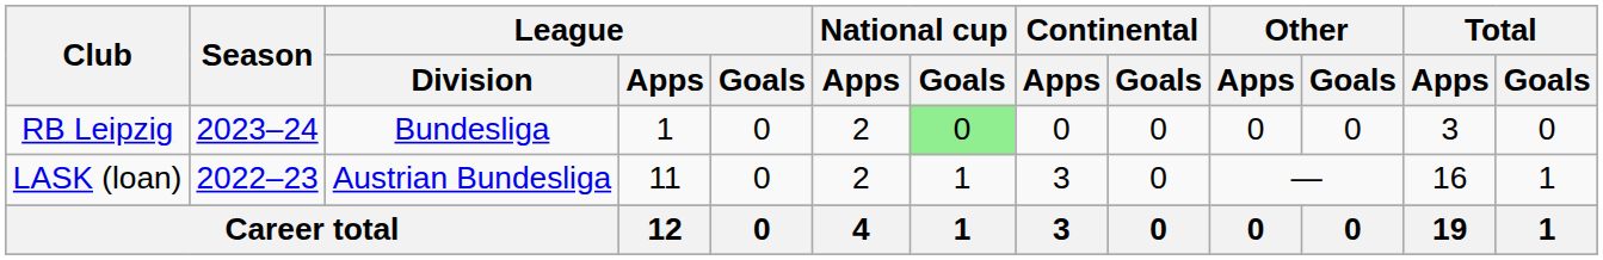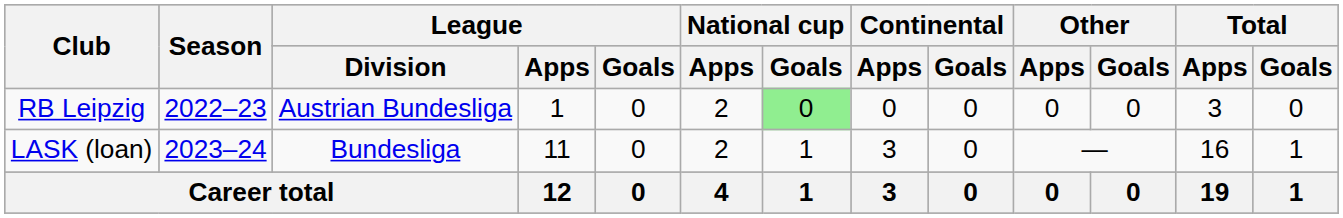 <table class="wikitable" style="text-align:center">
 <tr>
 <th rowspan="2">Club</th>
 <th rowspan="2">Season</th>
 <th colspan="3">League</th>
 <th colspan="2">National cup</th>
 <th colspan="2">Continental</th>
 <th colspan="2">Other</th>
 <th colspan="2">Total</th>
 </tr>
 <tr>
 <th>Division</th>
 <th>Apps</th>
 <th>Goals</th>
 <th>Apps</th>
 <th>Goals</th>
 <th>Apps</th>
 <th>Goals</th>
 <th>Apps</th>
 <th>Goals</th>
 <th>Apps</th>
 <th>Goals</th>
 </tr>
 <tr>
 <td><a href='#'>RB Leipzig</a></td>
-<td><a href='#'>2023–24</a></td>
-<td><a href='#'>Bundesliga</a></td>
+<td><a href='#'>2022–23</a></td>
+<td><a href='#'>Austrian Bundesliga</a></td>
 <td>1</td>
 <td>0</td>
 <td>2</td>
 <td style="background: lightgreen;">0</td>
 <td>0</td>
 <td>0</td>
 <td>0</td>
 <td>0</td>
 <td>3</td>
 <td>0</td>
 </tr>
 <tr>
 <td><a href='#'>LASK</a> (loan)</td>
-<td><a href='#'>2022–23</a></td>
-<td><a href='#'>Austrian Bundesliga</a></td>
+<td><a href='#'>2023–24</a></td>
+<td><a href='#'>Bundesliga</a></td>
 <td>11</td>
 <td>0</td>
 <td>2</td>
 <td>1</td>
 <td>3</td>
 <td>0</td>
 <td colspan="2">—</td>
 <td>16</td>
 <td>1</td>
 </tr>
 <tr>
 <th colspan="3">Career total</th>
 <th>12</th>
 <th>0</th>
 <th>4</th>
 <th>1</th>
 <th>3</th>
 <th>0</th>
 <th>0</th>
 <th>0</th>
 <th>19</th>
 <th>1</th>
 </tr>
 </table>
